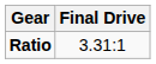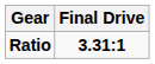 <table class=wikitable style="text-align: center;">
 <tr>
 <th>Gear</th>
 <th>Final Drive</th>
 </tr>
 <tr>
 <td><strong>Ratio</strong></td>
-<td>3.31:1</td>
+<td><strong>3.31:1</strong></td>
 </tr>
 </table>
